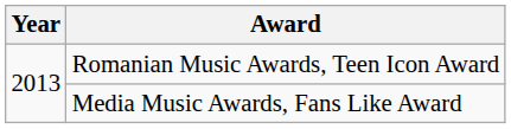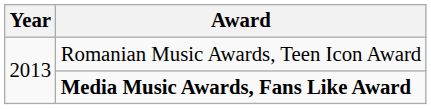 <table class="wikitable">
 <tr>
 <th>Year</th>
 <th>Award</th>
 </tr>
 <tr>
 <td rowspan="2">2013</td>
 <td>Romanian Music Awards, Teen Icon Award</td>
 </tr>
 <tr>
-<td>Media Music Awards, Fans Like Award</td>
+<td><strong>Media Music Awards, Fans Like Award</strong></td>
 </tr>
 </table>
